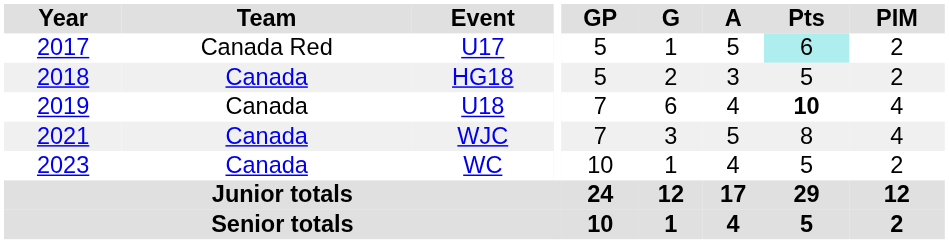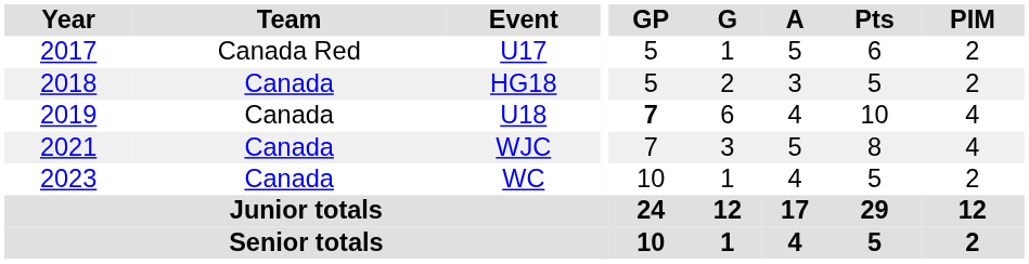 <table border="0" cellpadding="1" cellspacing="0" ID="Table3" style="text-align:center; width:40em">
 <tr bgcolor="#e0e0e0">
 <th>Year</th>
 <th>Team</th>
 <th>Event</th>
 <th rowspan="102" bgcolor="#ffffff"></th>
 <th>GP</th>
 <th>G</th>
 <th>A</th>
 <th>Pts</th>
 <th>PIM</th>
 </tr>
 <tr>
 <td><a href='#'>2017</a></td>
 <td>Canada Red</td>
 <td><a href='#'>U17</a></td>
 <td>5</td>
 <td>1</td>
 <td>5</td>
-<td style="background: paleturquoise;">6</td>
+<td>6</td>
 <td>2</td>
 </tr>
 <tr bgcolor="#f0f0f0">
 <td><a href='#'>2018</a></td>
 <td><a href='#'>Canada</a></td>
 <td><a href='#'>HG18</a></td>
 <td>5</td>
 <td>2</td>
 <td>3</td>
 <td>5</td>
 <td>2</td>
 </tr>
 <tr>
 <td><a href='#'>2019</a></td>
 <td>Canada</td>
 <td><a href='#'>U18</a></td>
-<td>7</td>
+<td><strong>7</strong></td>
 <td>6</td>
 <td>4</td>
-<td><strong>10</strong></td>
+<td>10</td>
 <td>4</td>
 </tr>
 <tr bgcolor="#f0f0f0">
 <td><a href='#'>2021</a></td>
 <td><a href='#'>Canada</a></td>
 <td><a href='#'>WJC</a></td>
 <td>7</td>
 <td>3</td>
 <td>5</td>
 <td>8</td>
 <td>4</td>
 </tr>
 <tr>
 <td><a href='#'>2023</a></td>
 <td><a href='#'>Canada</a></td>
 <td><a href='#'>WC</a></td>
 <td>10</td>
 <td>1</td>
 <td>4</td>
 <td>5</td>
 <td>2</td>
 </tr>
 <tr bgcolor="#e0e0e0">
 <th colspan="4">Junior totals</th>
 <th>24</th>
 <th>12</th>
 <th>17</th>
 <th>29</th>
 <th>12</th>
 </tr>
 <tr bgcolor="#e0e0e0">
 <th colspan="4">Senior totals</th>
 <th>10</th>
 <th>1</th>
 <th>4</th>
 <th>5</th>
 <th>2</th>
 </tr>
 </table>
